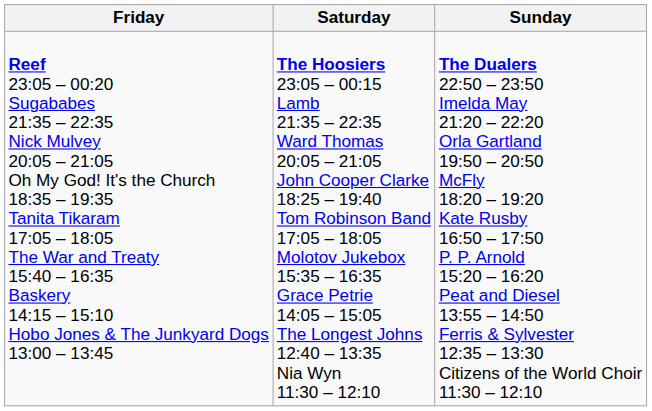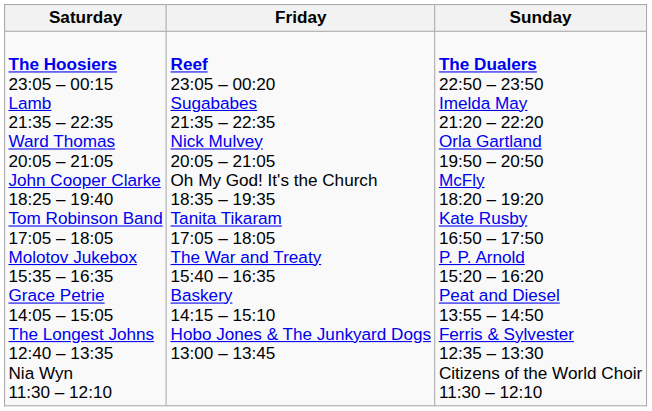 <table class="wikitable">
 <tr>
+<th>Saturday</th>
 <th>Friday</th>
-<th>Saturday</th>
 <th>Sunday</th>
 </tr>
 <tr valign="top">
+<td><br><strong><a href='#'>The Hoosiers</a></strong> <br>23:05 – 00:15 <br><a href='#'>Lamb</a> <br>21:35 – 22:35 <br><a href='#'>Ward Thomas</a> <br>20:05 – 21:05 <br><a href='#'>John Cooper Clarke</a> <br>18:25 – 19:40 <br><a href='#'>Tom Robinson Band</a> <br>17:05 – 18:05 <br><a href='#'>Molotov Jukebox</a> <br>15:35 – 16:35 <br><a href='#'>Grace Petrie</a> <br>14:05 – 15:05 <br><a href='#'>The Longest Johns</a> <br>12:40 – 13:35 <br>Nia Wyn <br>11:30 – 12:10</td>
 <td><br><strong><a href='#'>Reef</a></strong> <br>23:05 – 00:20 <br><a href='#'>Sugababes</a> <br>21:35 – 22:35 <br><a href='#'>Nick Mulvey</a> <br>20:05 – 21:05 <br>Oh My God! It's the Church <br>18:35 – 19:35 <br><a href='#'>Tanita Tikaram</a> <br>17:05 – 18:05 <br><a href='#'>The War and Treaty</a> <br>15:40 – 16:35 <br><a href='#'>Baskery</a> <br>14:15 – 15:10 <br><a href='#'>Hobo Jones & The Junkyard Dogs</a> <br>13:00 – 13:45</td>
-<td><br><strong><a href='#'>The Hoosiers</a></strong> <br>23:05 – 00:15 <br><a href='#'>Lamb</a> <br>21:35 – 22:35 <br><a href='#'>Ward Thomas</a> <br>20:05 – 21:05 <br><a href='#'>John Cooper Clarke</a> <br>18:25 – 19:40 <br><a href='#'>Tom Robinson Band</a> <br>17:05 – 18:05 <br><a href='#'>Molotov Jukebox</a> <br>15:35 – 16:35 <br><a href='#'>Grace Petrie</a> <br>14:05 – 15:05 <br><a href='#'>The Longest Johns</a> <br>12:40 – 13:35 <br>Nia Wyn <br>11:30 – 12:10</td>
 <td><br><strong><a href='#'>The Dualers</a></strong> <br>22:50 – 23:50 <br><a href='#'>Imelda May</a> <br>21:20 – 22:20 <br><a href='#'>Orla Gartland</a> <br>19:50 – 20:50 <br><a href='#'>McFly</a> <br>18:20 – 19:20 <br><a href='#'>Kate Rusby</a> <br>16:50 – 17:50 <br><a href='#'>P. P. Arnold</a> <br>15:20 – 16:20 <br><a href='#'>Peat and Diesel</a> <br>13:55 – 14:50 <br><a href='#'>Ferris & Sylvester</a> <br>12:35 – 13:30 <br>Citizens of the World Choir <br>11:30 – 12:10</td>
 </tr>
 </table>
